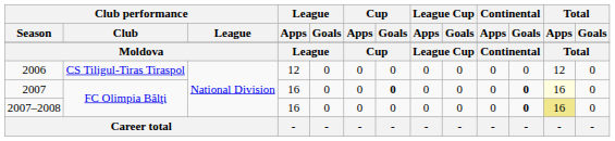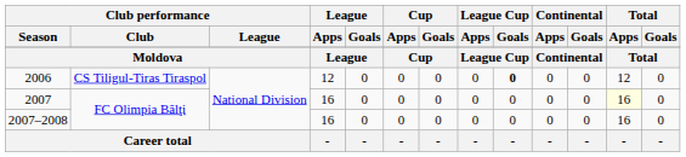 <table class="wikitable" style="text-align:center">
 <tr>
 <th colspan=3>Club performance</th>
 <th colspan=2>League</th>
 <th colspan=2>Cup</th>
 <th colspan=2>League Cup</th>
 <th colspan=2>Continental</th>
 <th colspan=2>Total</th>
 </tr>
 <tr>
 <th>Season</th>
 <th>Club</th>
 <th>League</th>
 <th>Apps</th>
 <th>Goals</th>
 <th>Apps</th>
 <th>Goals</th>
 <th>Apps</th>
 <th>Goals</th>
 <th>Apps</th>
 <th>Goals</th>
 <th>Apps</th>
 <th>Goals</th>
 </tr>
 <tr>
 </tr>
 <tr>
 <th colspan=3>Moldova</th>
 <th colspan=2>League</th>
 <th colspan=2>Cup</th>
 <th colspan=2>League Cup</th>
 <th colspan=2>Continental</th>
 <th colspan=2>Total</th>
 </tr>
 <tr>
 <td>2006</td>
 <td><a href='#'>CS Tiligul-Tiras Tiraspol</a></td>
 <td rowspan="3"><a href='#'>National Division</a></td>
 <td>12</td>
 <td>0</td>
 <td>0</td>
 <td>0</td>
 <td>0</td>
-<td>0</td>
+<td><strong>0</strong></td>
 <td>0</td>
 <td>0</td>
 <td>12</td>
 <td>0</td>
 </tr>
 <tr>
 <td>2007</td>
 <td rowspan="2"><a href='#'>FC Olimpia Bălţi</a></td>
 <td>16</td>
 <td>0</td>
 <td>0</td>
-<td><strong>0</strong></td>
 <td>0</td>
 <td>0</td>
 <td>0</td>
-<td><strong>0</strong></td>
+<td>0</td>
+<td>0</td>
 <td style="background: lightyellow;">16</td>
 <td>0</td>
 </tr>
 <tr>
 <td>2007–2008</td>
 <td>16</td>
 <td>0</td>
 <td>0</td>
 <td>0</td>
 <td>0</td>
 <td>0</td>
 <td>0</td>
-<td><strong>0</strong></td>
-<td style="background: khaki;">16</td>
+<td>0</td>
+<td>16</td>
 <td>0</td>
 </tr>
 <tr>
 <th colspan=3>Career total</th>
 <th>-</th>
 <th>-</th>
 <th>-</th>
 <th>-</th>
 <th>-</th>
 <th>-</th>
 <th>-</th>
 <th>-</th>
 <th>-</th>
 <th>-</th>
 </tr>
 </table>
